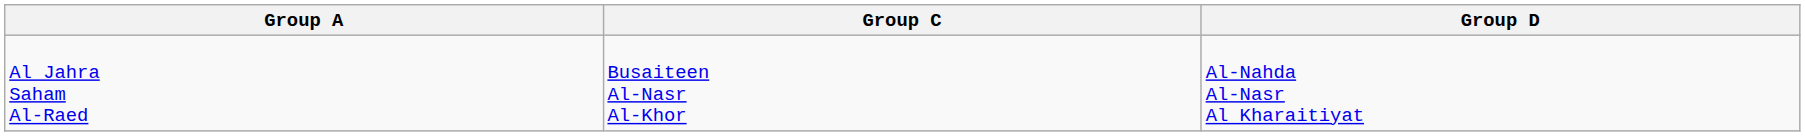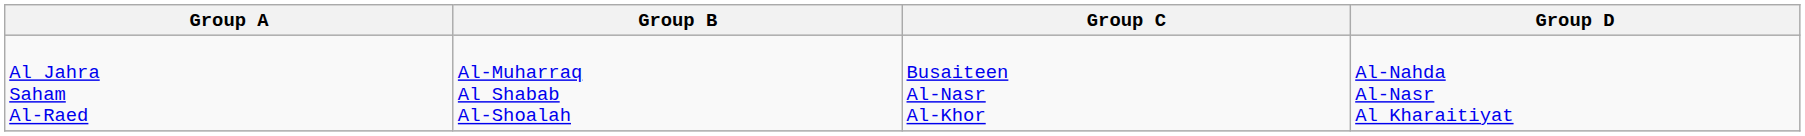 <table class="wikitable" width=98%>
 <tr>
 <th width=20%>Group A</th>
+<th width=20%>Group B</th>
 <th width=20%>Group C</th>
 <th width=20%>Group D</th>
 </tr>
 <tr>
 <td><br> <a href='#'>Al Jahra</a>  <br>  <a href='#'>Saham</a> <br>  <a href='#'>Al-Raed</a> <br></td>
+<td><br> <a href='#'>Al-Muharraq</a> <br>  <a href='#'>Al Shabab</a> <br>  <a href='#'>Al-Shoalah</a> <br></td>
 <td><br> <a href='#'>Busaiteen</a> <br>  <a href='#'>Al-Nasr</a> <br>  <a href='#'>Al-Khor</a> <br></td>
 <td><br> <a href='#'>Al-Nahda</a> <br>  <a href='#'>Al-Nasr</a> <br>  <a href='#'>Al Kharaitiyat</a> <br></td>
 </tr>
 </table>
